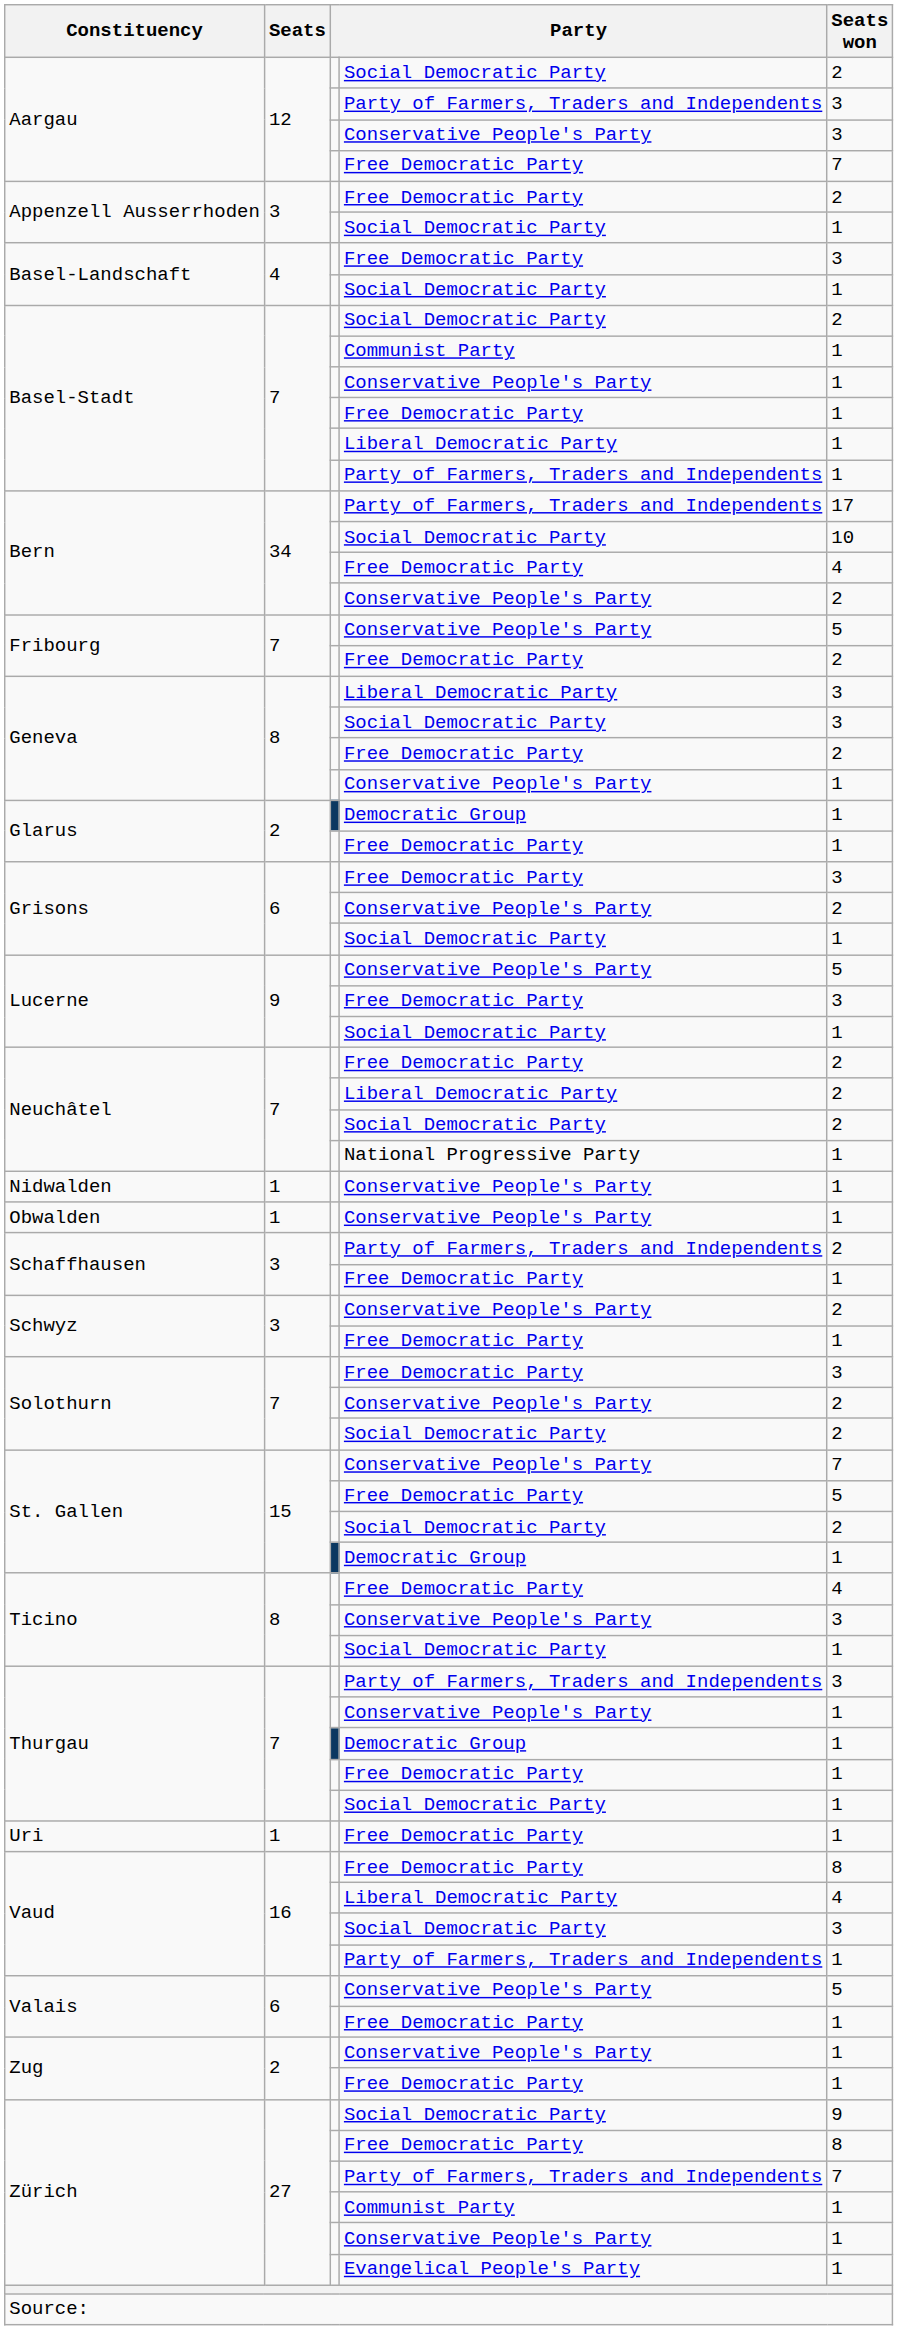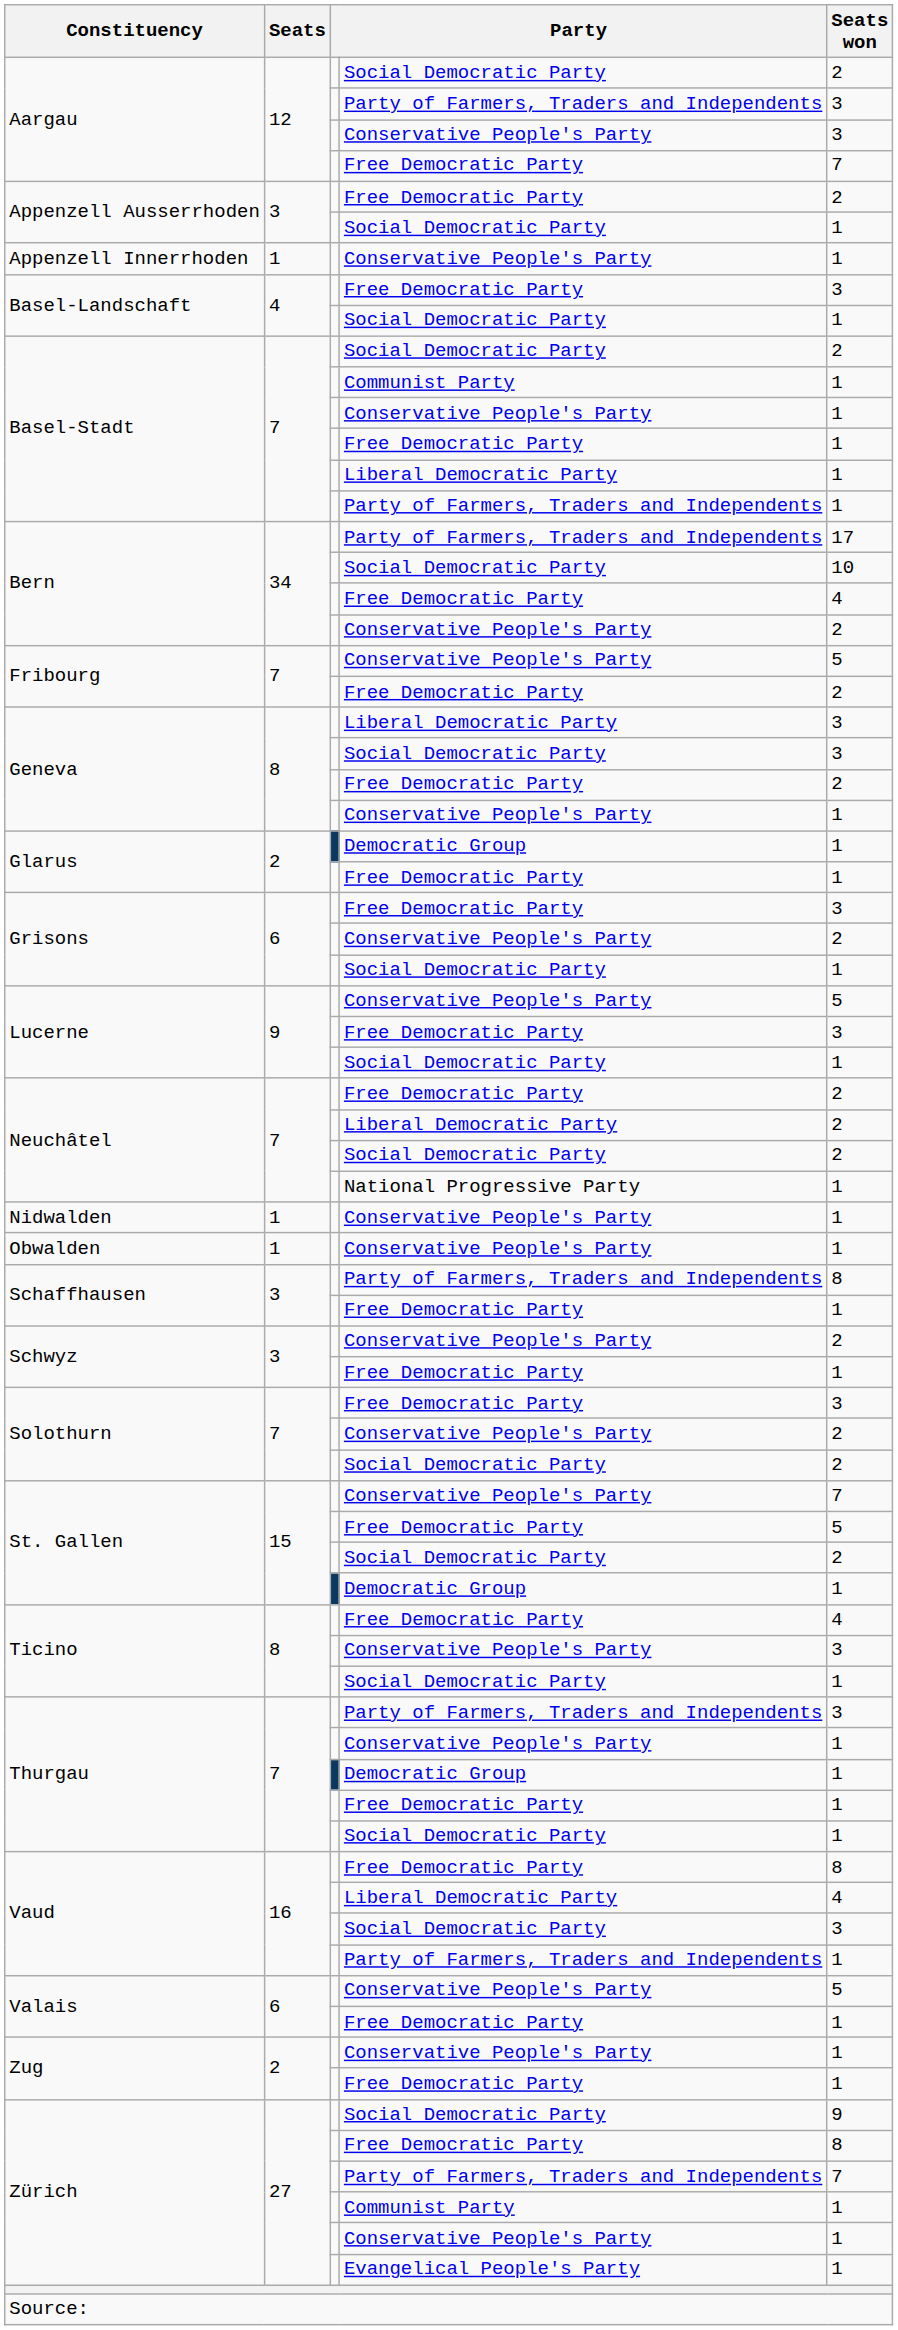 <table class="wikitable">
 <tr>
 <th>Constituency</th>
 <th>Seats</th>
 <th colspan="2">Party</th>
 <th>Seats<br>won</th>
 </tr>
 <tr>
 <td rowspan="4">Aargau</td>
 <td rowspan="4">12</td>
 <td style="color:inherit;background:"></td>
 <td><a href='#'>Social Democratic Party</a></td>
 <td>2</td>
 </tr>
 <tr>
 <td style="color:inherit;background:"></td>
 <td><a href='#'>Party of Farmers, Traders and Independents</a></td>
 <td>3</td>
 </tr>
 <tr>
 <td style="color:inherit;background:"></td>
 <td><a href='#'>Conservative People's Party</a></td>
 <td>3</td>
 </tr>
 <tr>
 <td style="color:inherit;background:"></td>
 <td><a href='#'>Free Democratic Party</a></td>
 <td>7</td>
 </tr>
 <tr>
 <td rowspan="2">Appenzell Ausserrhoden</td>
 <td rowspan="2">3</td>
 <td style="color:inherit;background:"></td>
 <td><a href='#'>Free Democratic Party</a></td>
 <td>2</td>
 </tr>
 <tr>
 <td style="color:inherit;background:"></td>
 <td><a href='#'>Social Democratic Party</a></td>
+<td>1</td>
+</tr>
+<tr>
+<td>Appenzell Innerrhoden</td>
+<td>1</td>
+<td style="color:inherit;background:"></td>
+<td><a href='#'>Conservative People's Party</a></td>
 <td>1</td>
 </tr>
 <tr>
 <td rowspan="2">Basel-Landschaft</td>
 <td rowspan="2">4</td>
 <td style="color:inherit;background:"></td>
 <td><a href='#'>Free Democratic Party</a></td>
 <td>3</td>
 </tr>
 <tr>
 <td style="color:inherit;background:"></td>
 <td><a href='#'>Social Democratic Party</a></td>
 <td>1</td>
 </tr>
 <tr>
 <td rowspan="6">Basel-Stadt</td>
 <td rowspan="6">7</td>
 <td style="color:inherit;background:"></td>
 <td><a href='#'>Social Democratic Party</a></td>
 <td>2</td>
 </tr>
 <tr>
 <td style="color:inherit;background:"></td>
 <td><a href='#'>Communist Party</a></td>
 <td>1</td>
 </tr>
 <tr>
 <td style="color:inherit;background:"></td>
 <td><a href='#'>Conservative People's Party</a></td>
 <td>1</td>
 </tr>
 <tr>
 <td style="color:inherit;background:"></td>
 <td><a href='#'>Free Democratic Party</a></td>
 <td>1</td>
 </tr>
 <tr>
 <td style="color:inherit;background:"></td>
 <td><a href='#'>Liberal Democratic Party</a></td>
 <td>1</td>
 </tr>
 <tr>
 <td style="color:inherit;background:"></td>
 <td><a href='#'>Party of Farmers, Traders and Independents</a></td>
 <td>1</td>
 </tr>
 <tr>
 <td rowspan="4">Bern</td>
 <td rowspan="4">34</td>
 <td style="color:inherit;background:"></td>
 <td><a href='#'>Party of Farmers, Traders and Independents</a></td>
 <td>17</td>
 </tr>
 <tr>
 <td style="color:inherit;background:"></td>
 <td><a href='#'>Social Democratic Party</a></td>
 <td>10</td>
 </tr>
 <tr>
 <td style="color:inherit;background:"></td>
 <td><a href='#'>Free Democratic Party</a></td>
 <td>4</td>
 </tr>
 <tr>
 <td style="color:inherit;background:"></td>
 <td><a href='#'>Conservative People's Party</a></td>
 <td>2</td>
 </tr>
 <tr>
 <td rowspan="2">Fribourg</td>
 <td rowspan="2">7</td>
 <td style="color:inherit;background:"></td>
 <td><a href='#'>Conservative People's Party</a></td>
 <td>5</td>
 </tr>
 <tr>
 <td style="color:inherit;background:"></td>
 <td><a href='#'>Free Democratic Party</a></td>
 <td>2</td>
 </tr>
 <tr>
 <td rowspan="4">Geneva</td>
 <td rowspan="4">8</td>
 <td style="color:inherit;background:"></td>
 <td><a href='#'>Liberal Democratic Party</a></td>
 <td>3</td>
 </tr>
 <tr>
 <td style="color:inherit;background:"></td>
 <td><a href='#'>Social Democratic Party</a></td>
 <td>3</td>
 </tr>
 <tr>
 <td style="color:inherit;background:"></td>
 <td><a href='#'>Free Democratic Party</a></td>
 <td>2</td>
 </tr>
 <tr>
 <td style="color:inherit;background:"></td>
 <td><a href='#'>Conservative People's Party</a></td>
 <td>1</td>
 </tr>
 <tr>
 <td rowspan="2">Glarus</td>
 <td rowspan="2">2</td>
 <td style="color:inherit;background:#0B3861"></td>
 <td><a href='#'>Democratic Group</a></td>
 <td>1</td>
 </tr>
 <tr>
 <td style="color:inherit;background:"></td>
 <td><a href='#'>Free Democratic Party</a></td>
 <td>1</td>
 </tr>
 <tr>
 <td rowspan="3">Grisons</td>
 <td rowspan="3">6</td>
 <td style="color:inherit;background:"></td>
 <td><a href='#'>Free Democratic Party</a></td>
 <td>3</td>
 </tr>
 <tr>
 <td style="color:inherit;background:"></td>
 <td><a href='#'>Conservative People's Party</a></td>
 <td>2</td>
 </tr>
 <tr>
 <td style="color:inherit;background:"></td>
 <td><a href='#'>Social Democratic Party</a></td>
 <td>1</td>
 </tr>
 <tr>
 <td rowspan="3">Lucerne</td>
 <td rowspan="3">9</td>
 <td style="color:inherit;background:"></td>
 <td><a href='#'>Conservative People's Party</a></td>
 <td>5</td>
 </tr>
 <tr>
 <td style="color:inherit;background:"></td>
 <td><a href='#'>Free Democratic Party</a></td>
 <td>3</td>
 </tr>
 <tr>
 <td style="color:inherit;background:"></td>
 <td><a href='#'>Social Democratic Party</a></td>
 <td>1</td>
 </tr>
 <tr>
 <td rowspan="4">Neuchâtel</td>
 <td rowspan="4">7</td>
 <td style="color:inherit;background:"></td>
 <td><a href='#'>Free Democratic Party</a></td>
 <td>2</td>
 </tr>
 <tr>
 <td style="color:inherit;background:"></td>
 <td><a href='#'>Liberal Democratic Party</a></td>
 <td>2</td>
 </tr>
 <tr>
 <td style="color:inherit;background:"></td>
 <td><a href='#'>Social Democratic Party</a></td>
 <td>2</td>
 </tr>
 <tr>
 <td style="color:inherit;background:"></td>
 <td>National Progressive Party</td>
 <td>1</td>
 </tr>
 <tr>
 <td>Nidwalden</td>
 <td>1</td>
 <td style="color:inherit;background:"></td>
 <td><a href='#'>Conservative People's Party</a></td>
 <td>1</td>
 </tr>
 <tr>
 <td>Obwalden</td>
 <td>1</td>
 <td style="color:inherit;background:"></td>
 <td><a href='#'>Conservative People's Party</a></td>
 <td>1</td>
 </tr>
 <tr>
 <td rowspan="2">Schaffhausen</td>
 <td rowspan="2">3</td>
 <td style="color:inherit;background:"></td>
 <td><a href='#'>Party of Farmers, Traders and Independents</a></td>
-<td>2</td>
+<td>8</td>
 </tr>
 <tr>
 <td style="color:inherit;background:"></td>
 <td><a href='#'>Free Democratic Party</a></td>
 <td>1</td>
 </tr>
 <tr>
 <td rowspan="2">Schwyz</td>
 <td rowspan="2">3</td>
 <td style="color:inherit;background:"></td>
 <td><a href='#'>Conservative People's Party</a></td>
 <td>2</td>
 </tr>
 <tr>
 <td style="color:inherit;background:"></td>
 <td><a href='#'>Free Democratic Party</a></td>
 <td>1</td>
 </tr>
 <tr>
 <td rowspan="3">Solothurn</td>
 <td rowspan="3">7</td>
 <td style="color:inherit;background:"></td>
 <td><a href='#'>Free Democratic Party</a></td>
 <td>3</td>
 </tr>
 <tr>
 <td style="color:inherit;background:"></td>
 <td><a href='#'>Conservative People's Party</a></td>
 <td>2</td>
 </tr>
 <tr>
 <td style="color:inherit;background:"></td>
 <td><a href='#'>Social Democratic Party</a></td>
 <td>2</td>
 </tr>
 <tr>
 <td rowspan="4">St. Gallen</td>
 <td rowspan="4">15</td>
 <td style="color:inherit;background:"></td>
 <td><a href='#'>Conservative People's Party</a></td>
 <td>7</td>
 </tr>
 <tr>
 <td style="color:inherit;background:"></td>
 <td><a href='#'>Free Democratic Party</a></td>
 <td>5</td>
 </tr>
 <tr>
 <td style="color:inherit;background:"></td>
 <td><a href='#'>Social Democratic Party</a></td>
 <td>2</td>
 </tr>
 <tr>
 <td style="color:inherit;background:#0B3861"></td>
 <td><a href='#'>Democratic Group</a></td>
 <td>1</td>
 </tr>
 <tr>
 <td rowspan="3">Ticino</td>
 <td rowspan="3">8</td>
 <td style="color:inherit;background:"></td>
 <td><a href='#'>Free Democratic Party</a></td>
 <td>4</td>
 </tr>
 <tr>
 <td style="color:inherit;background:"></td>
 <td><a href='#'>Conservative People's Party</a></td>
 <td>3</td>
 </tr>
 <tr>
 <td style="color:inherit;background:"></td>
 <td><a href='#'>Social Democratic Party</a></td>
 <td>1</td>
 </tr>
 <tr>
 <td rowspan="5">Thurgau</td>
 <td rowspan="5">7</td>
 <td style="color:inherit;background:"></td>
 <td><a href='#'>Party of Farmers, Traders and Independents</a></td>
 <td>3</td>
 </tr>
 <tr>
 <td style="color:inherit;background:"></td>
 <td><a href='#'>Conservative People's Party</a></td>
 <td>1</td>
 </tr>
 <tr>
 <td style="color:inherit;background:#0B3861"></td>
 <td><a href='#'>Democratic Group</a></td>
 <td>1</td>
 </tr>
 <tr>
 <td style="color:inherit;background:"></td>
 <td><a href='#'>Free Democratic Party</a></td>
 <td>1</td>
 </tr>
 <tr>
 <td style="color:inherit;background:"></td>
 <td><a href='#'>Social Democratic Party</a></td>
 <td>1</td>
 </tr>
 <tr>
-<td>Uri</td>
-<td>1</td>
-<td style="color:inherit;background:"></td>
-<td><a href='#'>Free Democratic Party</a></td>
-<td>1</td>
-</tr>
-<tr>
 <td rowspan="4">Vaud</td>
 <td rowspan="4">16</td>
 <td style="color:inherit;background:"></td>
 <td><a href='#'>Free Democratic Party</a></td>
 <td>8</td>
 </tr>
 <tr>
 <td style="color:inherit;background:"></td>
 <td><a href='#'>Liberal Democratic Party</a></td>
 <td>4</td>
 </tr>
 <tr>
 <td style="color:inherit;background:"></td>
 <td><a href='#'>Social Democratic Party</a></td>
 <td>3</td>
 </tr>
 <tr>
 <td style="color:inherit;background:"></td>
 <td><a href='#'>Party of Farmers, Traders and Independents</a></td>
 <td>1</td>
 </tr>
 <tr>
 <td rowspan="2">Valais</td>
 <td rowspan="2">6</td>
 <td style="color:inherit;background:"></td>
 <td><a href='#'>Conservative People's Party</a></td>
 <td>5</td>
 </tr>
 <tr>
 <td style="color:inherit;background:"></td>
 <td><a href='#'>Free Democratic Party</a></td>
 <td>1</td>
 </tr>
 <tr>
 <td rowspan="2">Zug</td>
 <td rowspan="2">2</td>
 <td style="color:inherit;background:"></td>
 <td><a href='#'>Conservative People's Party</a></td>
 <td>1</td>
 </tr>
 <tr>
 <td style="color:inherit;background:"></td>
 <td><a href='#'>Free Democratic Party</a></td>
 <td>1</td>
 </tr>
 <tr>
 <td rowspan="6">Zürich</td>
 <td rowspan="6">27</td>
 <td style="color:inherit;background:"></td>
 <td><a href='#'>Social Democratic Party</a></td>
 <td>9</td>
 </tr>
 <tr>
 <td style="color:inherit;background:"></td>
 <td><a href='#'>Free Democratic Party</a></td>
 <td>8</td>
 </tr>
 <tr>
 <td style="color:inherit;background:"></td>
 <td><a href='#'>Party of Farmers, Traders and Independents</a></td>
 <td>7</td>
 </tr>
 <tr>
 <td style="color:inherit;background:"></td>
 <td><a href='#'>Communist Party</a></td>
 <td>1</td>
 </tr>
 <tr>
 <td style="color:inherit;background:"></td>
 <td><a href='#'>Conservative People's Party</a></td>
 <td>1</td>
 </tr>
 <tr>
 <td style="color:inherit;background:"></td>
 <td><a href='#'>Evangelical People's Party</a></td>
 <td>1</td>
 </tr>
 <tr>
 <th colspan="5"></th>
 </tr>
 <tr>
 <td colspan="5">Source: </td>
 </tr>
 </table>
